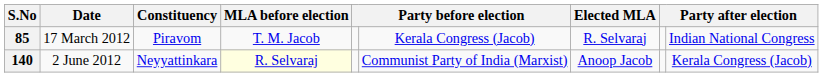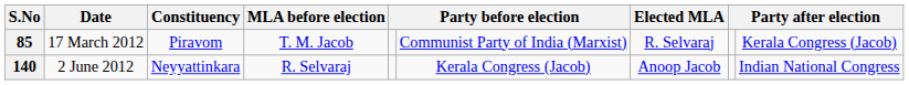 <table class="wikitable sortable" style="text-align:center;">
 <tr>
 <th>S.No</th>
 <th>Date</th>
 <th>Constituency</th>
 <th>MLA before election</th>
 <th colspan="2">Party before election</th>
 <th>Elected MLA</th>
 <th colspan="2">Party after election</th>
 </tr>
 <tr>
 <th>85</th>
 <td>17 March 2012</td>
 <td><a href='#'>Piravom</a></td>
 <td><a href='#'>T. M. Jacob</a></td>
 <td></td>
-<td><a href='#'>Kerala Congress (Jacob)</a></td>
+<td><a href='#'>Communist Party of India (Marxist)</a></td>
 <td><a href='#'>R. Selvaraj</a></td>
 <td></td>
-<td><a href='#'>Indian National Congress</a></td>
+<td><a href='#'>Kerala Congress (Jacob)</a></td>
 </tr>
 <tr>
 <th>140</th>
 <td>2 June 2012</td>
 <td><a href='#'>Neyyattinkara</a></td>
-<td style="background: lightyellow;"><a href='#'>R. Selvaraj</a></td>
+<td><a href='#'>R. Selvaraj</a></td>
 <td></td>
-<td><a href='#'>Communist Party of India (Marxist)</a></td>
+<td><a href='#'>Kerala Congress (Jacob)</a></td>
 <td><a href='#'>Anoop Jacob</a></td>
 <td></td>
-<td><a href='#'>Kerala Congress (Jacob)</a></td>
+<td><a href='#'>Indian National Congress</a></td>
 </tr>
 </table>
